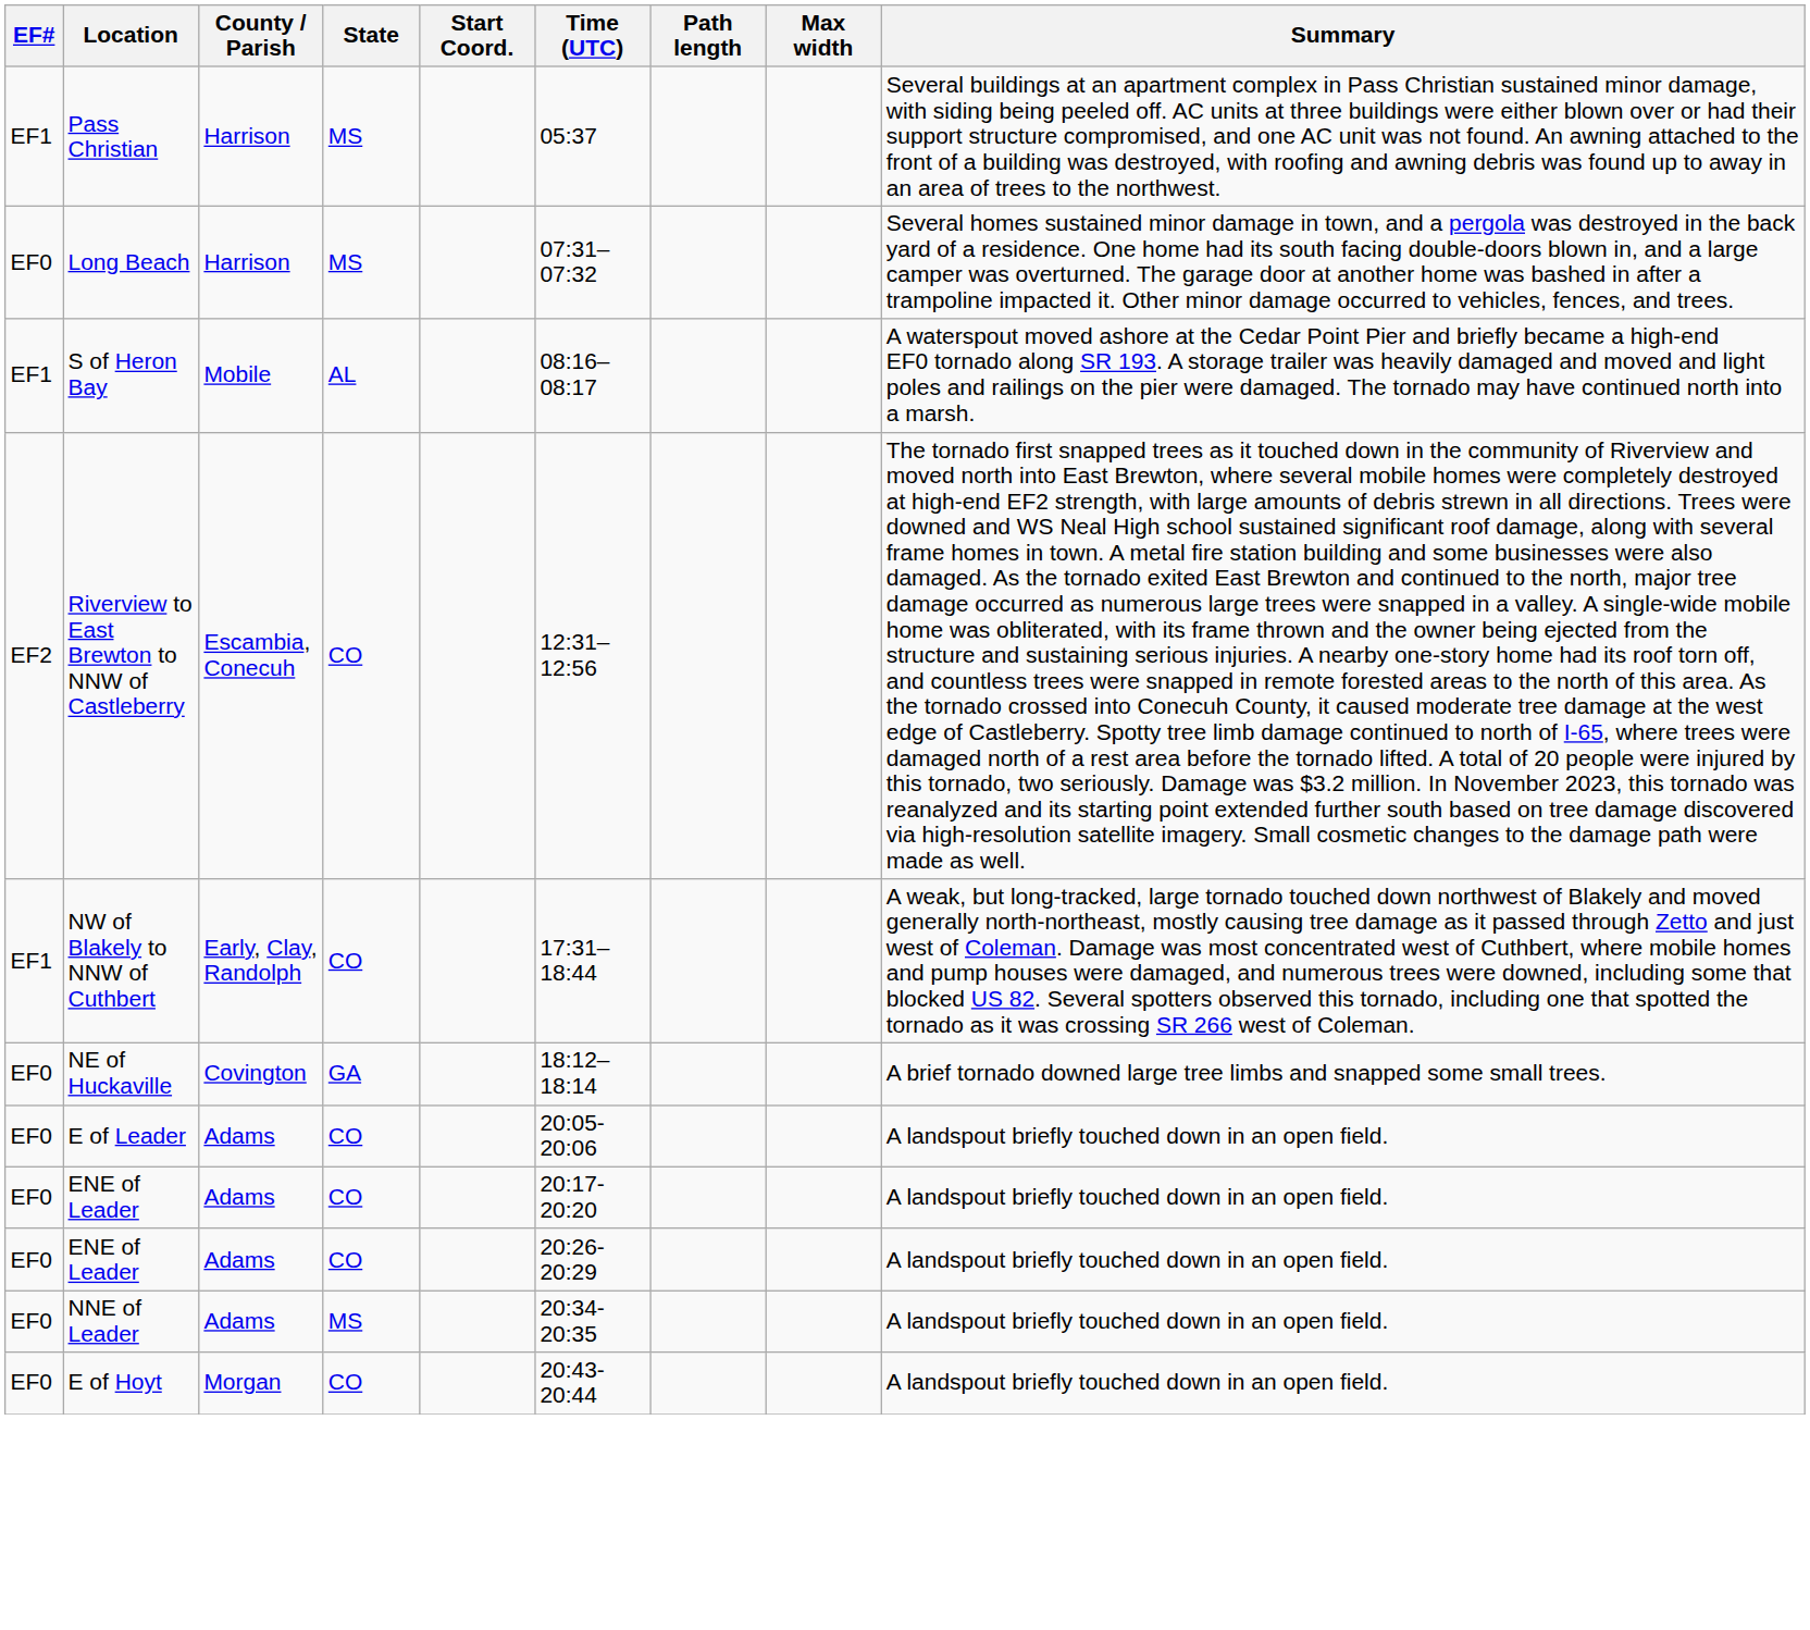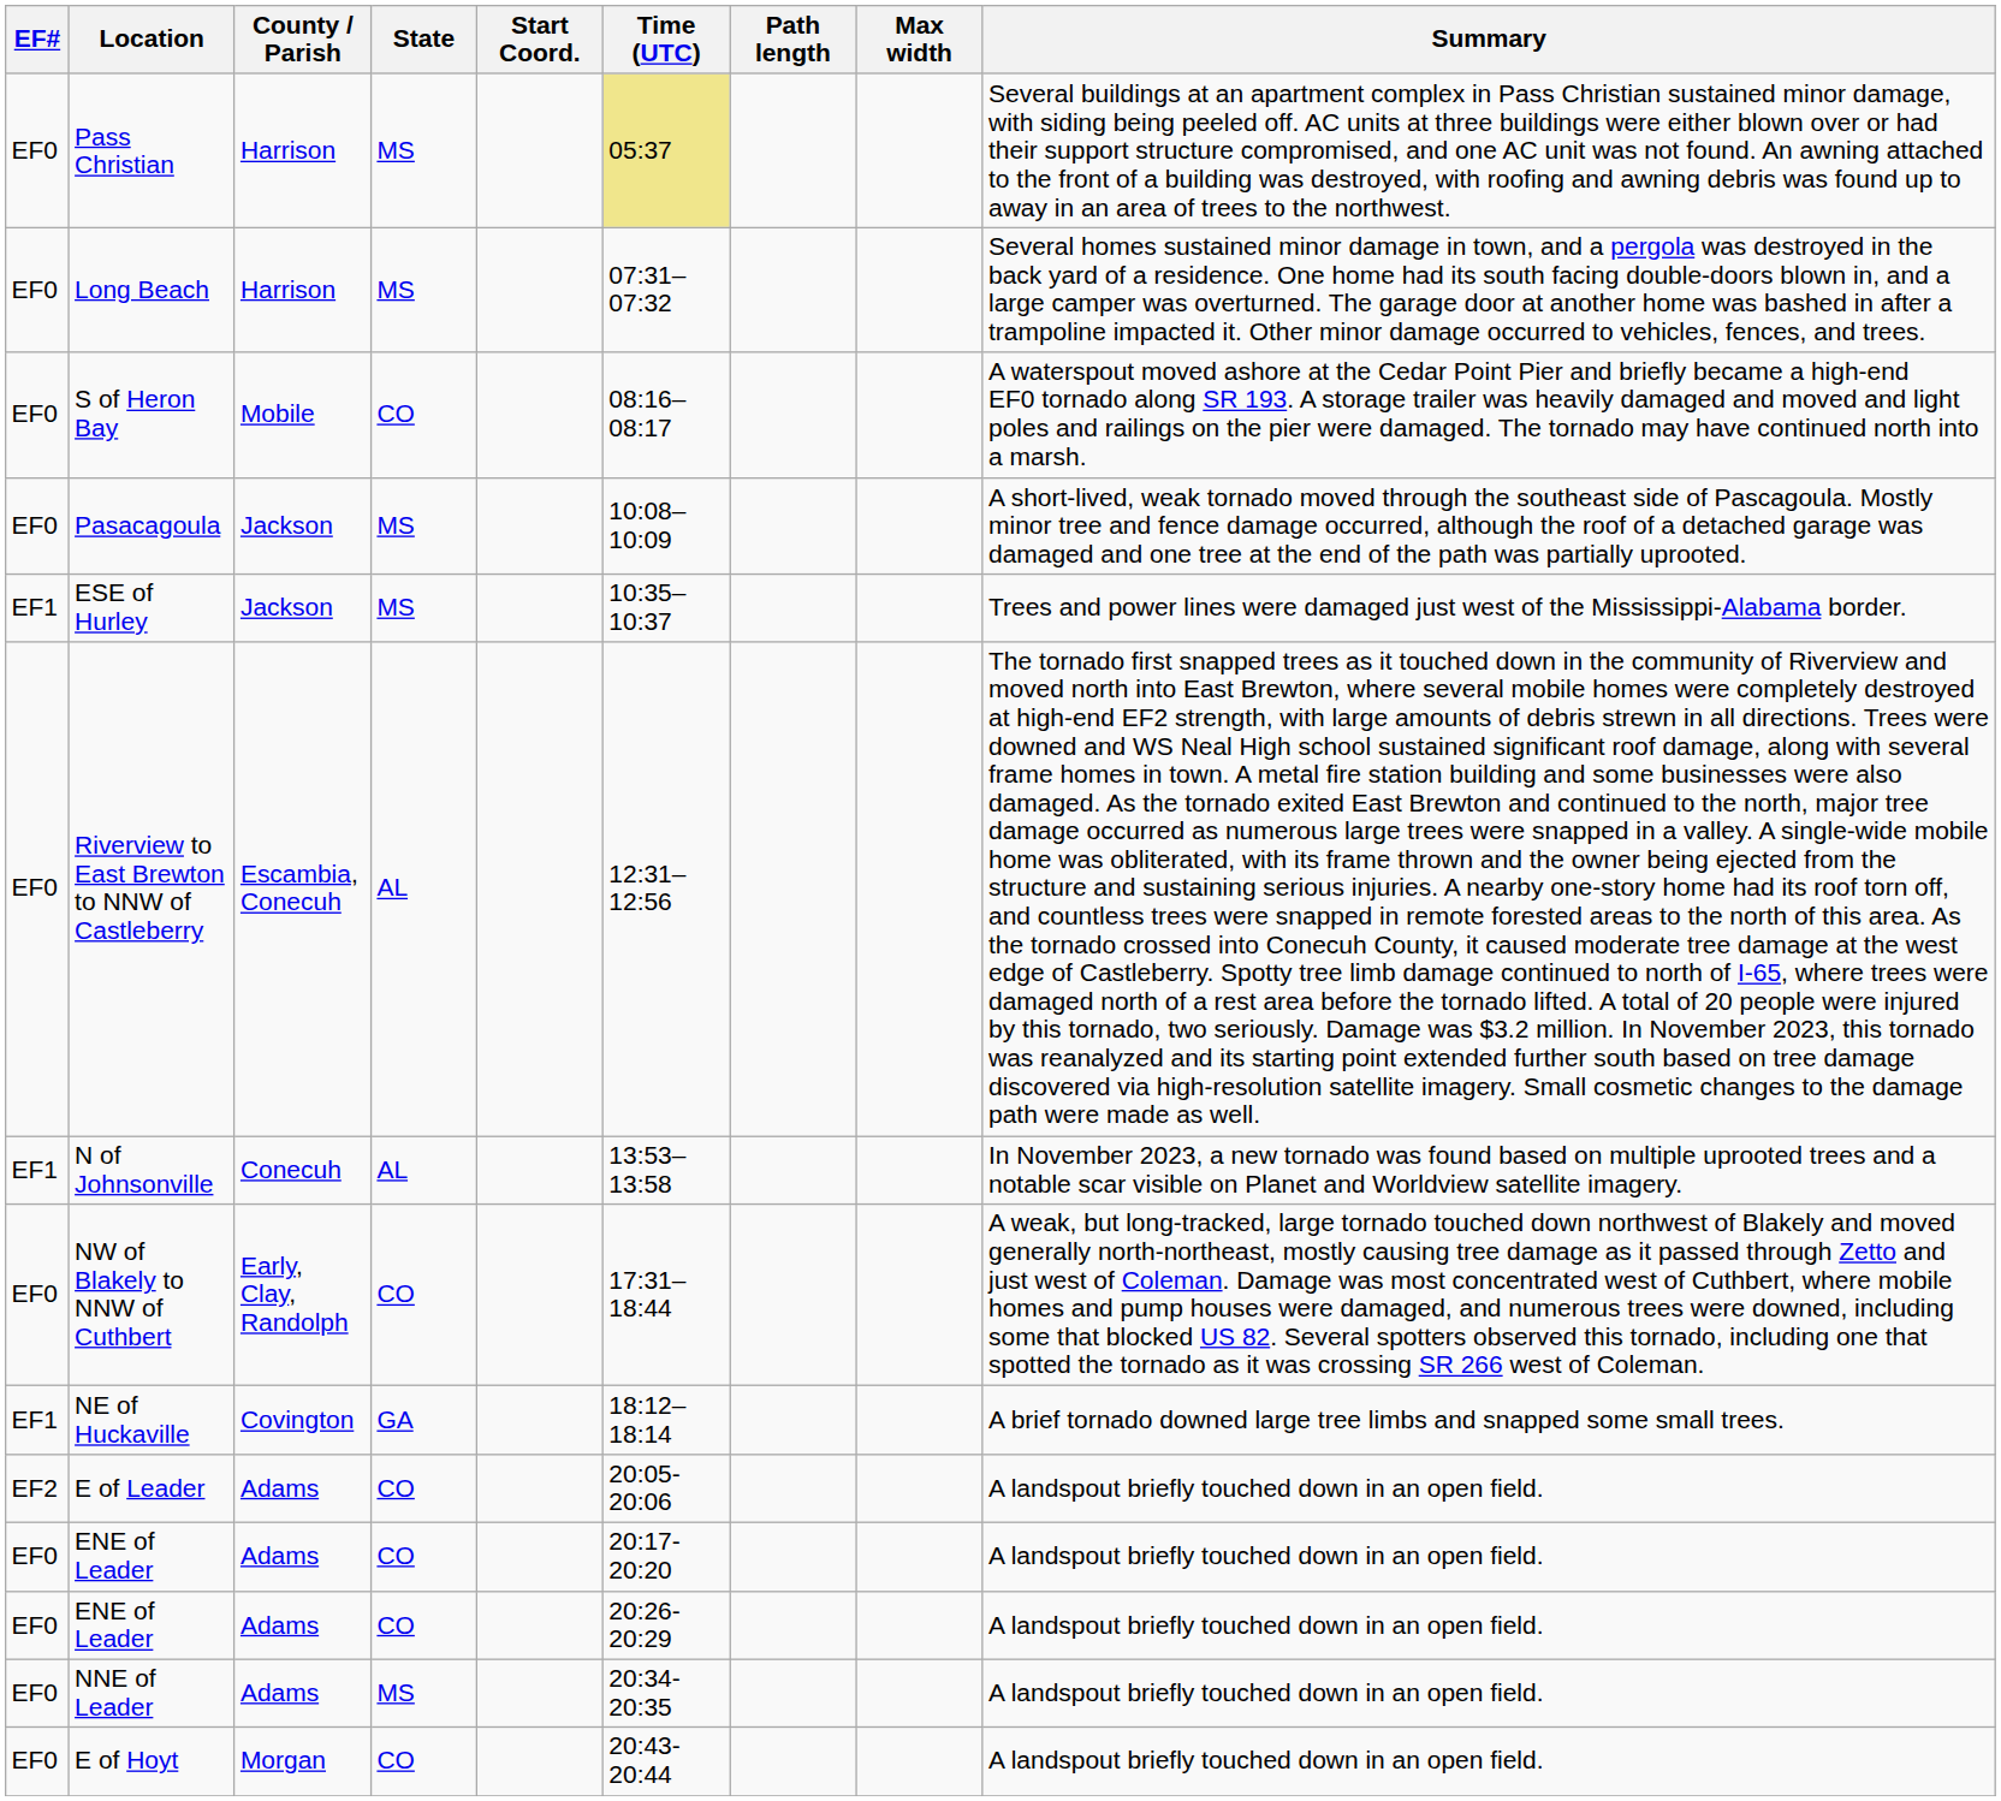 <table class="wikitable sortable" style="width:100%;">
 <tr>
 <th scope="col"  style="width:3%; text-align:center;"><a href='#'>EF#</a></th>
 <th scope="col"  style="width:7%; text-align:center;" class="unsortable">Location</th>
 <th scope="col"  style="width:6%; text-align:center;" class="unsortable">County / Parish</th>
 <th scope="col"  style="width:5%; text-align:center;">State</th>
 <th scope="col"  style="width:6%; text-align:center;">Start Coord.</th>
 <th scope="col"  style="width:6%; text-align:center;">Time (<a href='#'>UTC</a>)</th>
 <th scope="col"  style="width:6%; text-align:center;">Path length</th>
 <th scope="col"  style="width:6%; text-align:center;">Max width</th>
 <th scope="col" class="unsortable" style="width:48%; text-align:center;">Summary</th>
 </tr>
 <tr>
-<td>EF1</td>
+<td>EF0</td>
 <td><a href='#'>Pass Christian</a></td>
 <td><a href='#'>Harrison</a></td>
 <td><a href='#'>MS</a></td>
 <td></td>
-<td>05:37</td>
+<td style="background: khaki;">05:37</td>
 <td></td>
 <td></td>
 <td>Several buildings at an apartment complex in Pass Christian sustained minor damage, with siding being peeled off. AC units at three buildings were either blown over or had their support structure compromised, and one AC unit was not found. An awning attached to the front of a building was destroyed, with roofing and awning debris was found up to  away in an area of trees to the northwest.</td>
 </tr>
 <tr>
 <td>EF0</td>
 <td><a href='#'>Long Beach</a></td>
 <td><a href='#'>Harrison</a></td>
 <td><a href='#'>MS</a></td>
 <td></td>
 <td>07:31–07:32</td>
 <td></td>
 <td></td>
 <td>Several homes sustained minor damage in town, and a <a href='#'>pergola</a> was destroyed in the back yard of a residence. One home had its south facing double-doors blown in, and a large camper was overturned. The garage door at another home was bashed in after a trampoline impacted it. Other minor damage occurred to vehicles, fences, and trees.</td>
 </tr>
 <tr>
-<td>EF1</td>
+<td>EF0</td>
 <td>S of <a href='#'>Heron Bay</a></td>
 <td><a href='#'>Mobile</a></td>
-<td><a href='#'>AL</a></td>
+<td><a href='#'>CO</a></td>
 <td></td>
 <td>08:16–08:17</td>
 <td></td>
 <td></td>
 <td>A waterspout moved ashore at the Cedar Point Pier and briefly became a high-end EF0 tornado along <a href='#'>SR 193</a>. A storage trailer was heavily damaged and moved  and light poles and railings on the pier were damaged. The tornado may have continued north into a  marsh.</td>
 </tr>
 <tr>
-<td>EF2</td>
+<td>EF0</td>
+<td><a href='#'>Pasacagoula</a></td>
+<td><a href='#'>Jackson</a></td>
+<td><a href='#'>MS</a></td>
+<td></td>
+<td>10:08–10:09</td>
+<td></td>
+<td></td>
+<td>A short-lived, weak tornado moved through the southeast side of Pascagoula. Mostly minor tree and fence damage occurred, although the roof of a detached garage was damaged and one tree at the end of the path was partially uprooted.</td>
+</tr>
+<tr>
+<td>EF1</td>
+<td>ESE of <a href='#'>Hurley</a></td>
+<td><a href='#'>Jackson</a></td>
+<td><a href='#'>MS</a></td>
+<td></td>
+<td>10:35–10:37</td>
+<td></td>
+<td></td>
+<td>Trees and power lines were damaged just west of the Mississippi-<a href='#'>Alabama</a> border.</td>
+</tr>
+<tr>
+<td>EF0</td>
 <td><a href='#'>Riverview</a> to <a href='#'>East Brewton</a> to NNW of <a href='#'>Castleberry</a></td>
 <td><a href='#'>Escambia</a>, <a href='#'>Conecuh</a></td>
-<td><a href='#'>CO</a></td>
+<td><a href='#'>AL</a></td>
 <td></td>
 <td>12:31–12:56</td>
 <td></td>
 <td></td>
 <td>The tornado first snapped trees as it touched down in the community of Riverview and moved north into East Brewton, where several mobile homes were completely destroyed at high-end EF2 strength, with large amounts of debris strewn in all directions. Trees were downed and WS Neal High school sustained significant roof damage, along with several frame homes in town. A metal fire station building and some businesses were also damaged. As the tornado exited East Brewton and continued to the north, major tree damage occurred as numerous large trees were snapped in a valley. A single-wide mobile home was obliterated, with its frame thrown  and the owner being ejected from the structure and sustaining serious injuries. A nearby one-story home had its roof torn off, and countless trees were snapped in remote forested areas to the north of this area. As the tornado crossed into Conecuh County, it caused moderate tree damage at the west edge of Castleberry. Spotty tree limb damage continued to north of <a href='#'>I-65</a>, where trees were damaged north of a rest area before the tornado lifted. A total of 20 people were injured by this tornado, two seriously. Damage was $3.2 million. In November 2023, this tornado was reanalyzed and its starting point extended further south based on tree damage discovered via high-resolution satellite imagery. Small cosmetic changes to the damage path were made as well.</td>
 </tr>
 <tr>
 <td>EF1</td>
+<td>N of <a href='#'>Johnsonville</a></td>
+<td><a href='#'>Conecuh</a></td>
+<td><a href='#'>AL</a></td>
+<td></td>
+<td>13:53–13:58</td>
+<td></td>
+<td></td>
+<td>In November 2023, a new tornado was found based on multiple uprooted trees and a notable scar visible on Planet and Worldview satellite imagery.</td>
+</tr>
+<tr>
+<td>EF0</td>
 <td>NW of <a href='#'>Blakely</a> to NNW of <a href='#'>Cuthbert</a></td>
 <td><a href='#'>Early</a>, <a href='#'>Clay</a>, <a href='#'>Randolph</a></td>
 <td><a href='#'>CO</a></td>
 <td></td>
 <td>17:31–18:44</td>
 <td></td>
 <td></td>
 <td>A weak, but long-tracked, large tornado touched down northwest of Blakely and moved generally north-northeast, mostly causing tree damage as it passed through <a href='#'>Zetto</a> and just west of <a href='#'>Coleman</a>. Damage was most concentrated west of Cuthbert, where mobile homes and pump houses were damaged, and numerous trees were downed, including some that blocked <a href='#'>US 82</a>. Several spotters observed this tornado, including one that spotted the tornado as it was crossing <a href='#'>SR 266</a> west of Coleman.</td>
 </tr>
 <tr>
-<td>EF0</td>
+<td>EF1</td>
 <td>NE of <a href='#'>Huckaville</a></td>
 <td><a href='#'>Covington</a></td>
 <td><a href='#'>GA</a></td>
 <td></td>
 <td>18:12–18:14</td>
 <td></td>
 <td></td>
 <td>A brief tornado downed large tree limbs and snapped some small trees.</td>
 </tr>
 <tr>
-<td>EF0</td>
+<td>EF2</td>
 <td>E of <a href='#'>Leader</a></td>
 <td><a href='#'>Adams</a></td>
 <td><a href='#'>CO</a></td>
 <td></td>
 <td>20:05-20:06</td>
 <td></td>
 <td></td>
 <td>A landspout briefly touched down in an open field.</td>
 </tr>
 <tr>
 <td>EF0</td>
 <td>ENE of <a href='#'>Leader</a></td>
 <td><a href='#'>Adams</a></td>
 <td><a href='#'>CO</a></td>
 <td></td>
 <td>20:17-20:20</td>
 <td></td>
 <td></td>
 <td>A landspout briefly touched down in an open field.</td>
 </tr>
 <tr>
 <td>EF0</td>
 <td>ENE of <a href='#'>Leader</a></td>
 <td><a href='#'>Adams</a></td>
 <td><a href='#'>CO</a></td>
 <td></td>
 <td>20:26-20:29</td>
 <td></td>
 <td></td>
 <td>A landspout briefly touched down in an open field.</td>
 </tr>
 <tr>
 <td>EF0</td>
 <td>NNE of <a href='#'>Leader</a></td>
 <td><a href='#'>Adams</a></td>
 <td><a href='#'>MS</a></td>
 <td></td>
 <td>20:34-20:35</td>
 <td></td>
 <td></td>
 <td>A landspout briefly touched down in an open field.</td>
 </tr>
 <tr>
 <td>EF0</td>
 <td>E of <a href='#'>Hoyt</a></td>
 <td><a href='#'>Morgan</a></td>
 <td><a href='#'>CO</a></td>
 <td></td>
 <td>20:43-20:44</td>
 <td></td>
 <td></td>
 <td>A landspout briefly touched down in an open field.</td>
 </tr>
 <tr>
 </tr>
 </table>
